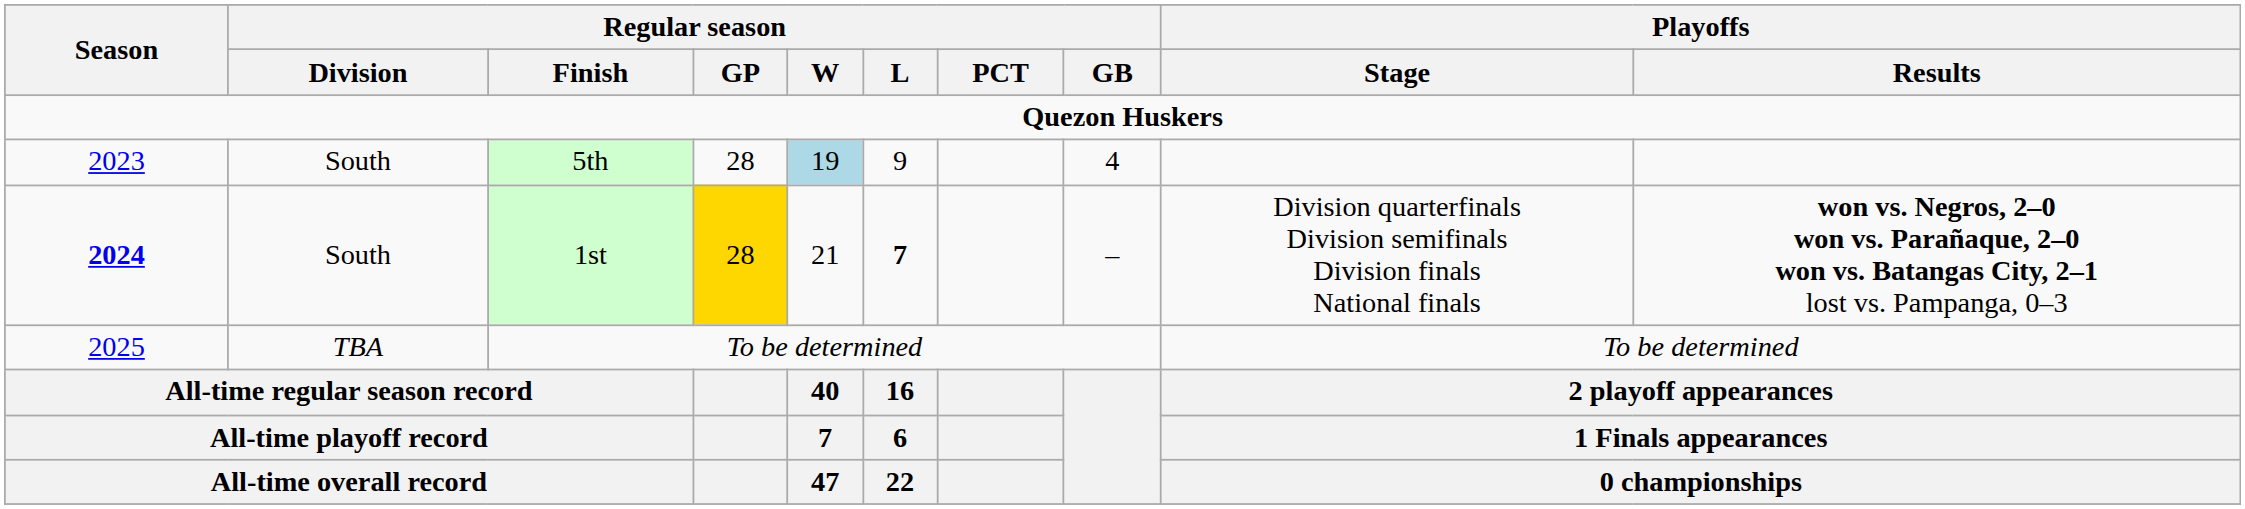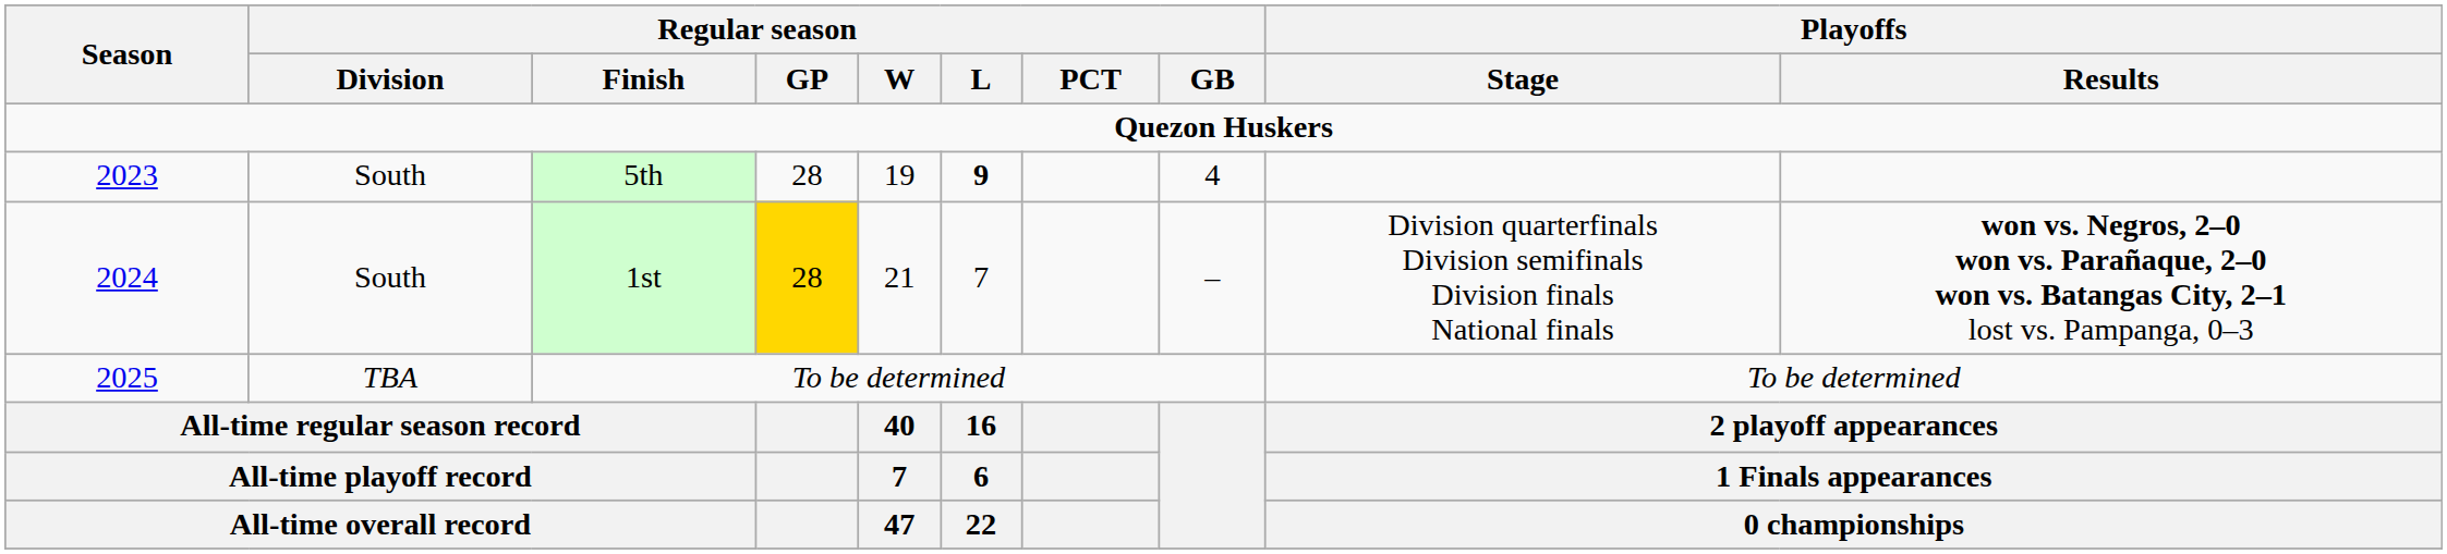 <table class=wikitable style="width:100%; text-align:center">
 <tr>
 <th rowspan=2>Season</th>
 <th colspan=7>Regular season</th>
 <th colspan=2>Playoffs</th>
 </tr>
 <tr>
 <th>Division</th>
 <th>Finish</th>
 <th>GP</th>
 <th>W</th>
 <th>L</th>
 <th>PCT</th>
 <th>GB</th>
 <th>Stage</th>
 <th>Results</th>
 </tr>
 <tr>
 <td colspan=10><span><strong>Quezon Huskers</strong></span></td>
 </tr>
 <tr>
 <td><a href='#'>2023</a></td>
 <td>South</td>
 <td bgcolor="#CFFFCF">5th</td>
 <td>28</td>
-<td style="background: lightblue;">19</td>
-<td>9</td>
+<td>19</td>
+<td><strong>9</strong></td>
 <td></td>
 <td>4</td>
 <td></td>
 <td></td>
 </tr>
 <tr>
-<td><strong><a href='#'>2024</a></strong></td>
+<td><a href='#'>2024</a></td>
 <td>South</td>
 <td bgcolor="#CFFFCF">1st</td>
 <td style="background: gold;">28</td>
 <td>21</td>
-<td><strong>7</strong></td>
+<td>7</td>
 <td></td>
 <td>–</td>
 <td>Division quarterfinals<br>Division semifinals<br>Division finals<br>National finals</td>
 <td><strong>won vs. Negros, 2–0</strong><br><strong>won vs. Parañaque, 2–0</strong><br><strong>won vs. Batangas City, 2–1</strong><br>lost vs. Pampanga, 0–3</td>
 </tr>
 <tr>
 <td><a href='#'>2025</a></td>
 <td><em>TBA</em></td>
 <td colspan=6><em>To be determined</em></td>
 <td colspan=2><em>To be determined</em></td>
 </tr>
 <tr>
 <th colspan="3">All-time regular season record</th>
 <th></th>
 <th>40</th>
 <th>16</th>
 <th></th>
 <th rowspan="3"></th>
 <th colspan="2">2 playoff appearances</th>
 </tr>
 <tr>
 <th colspan="3">All-time playoff record</th>
 <th></th>
 <th>7</th>
 <th>6</th>
 <th></th>
 <th colspan=2>1 Finals appearances</th>
 </tr>
 <tr>
 <th colspan="3">All-time overall record</th>
 <th></th>
 <th>47</th>
 <th>22</th>
 <th></th>
 <th colspan="2">0 championships</th>
 </tr>
 </table>
